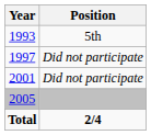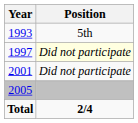 <table class="wikitable" style="text-align: center;">
 <tr>
 <th>Year</th>
 <th>Position</th>
 </tr>
 <tr>
 <td> <a href='#'>1993</a></td>
 <td>5th</td>
 </tr>
 <tr>
 <td> <a href='#'>1997</a></td>
-<td><em>Did not participate</em></td>
+<td style="background: lightyellow;"><em>Did not participate</em></td>
 </tr>
 <tr>
 <td> <a href='#'>2001</a></td>
 <td><em>Did not participate</em></td>
 </tr>
 <tr bgcolor=silver>
 <td> <a href='#'>2005</a></td>
 <td></td>
 </tr>
 <tr>
 <td><strong>Total</strong></td>
 <td><strong>2/4</strong></td>
 </tr>
 </table>
